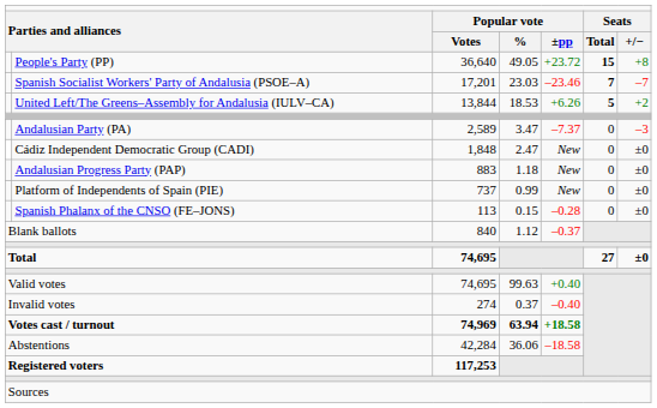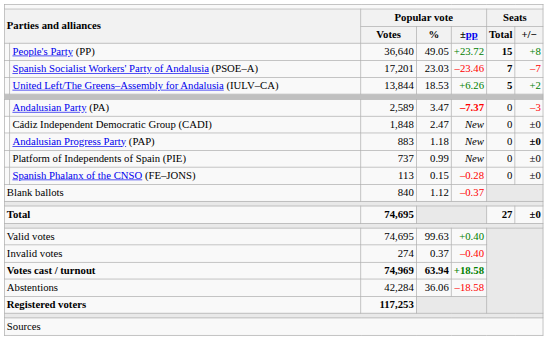 <table class="wikitable" style="text-align:right;">
 <tr>
 <td colspan="7"></td>
 </tr>
 <tr>
 <th style="text-align:left;" rowspan="2" colspan="2" width="525">Parties and alliances</th>
 <th colspan="3">Popular vote</th>
 <th colspan="2">Seats</th>
 </tr>
 <tr>
 <th width="75">Votes</th>
 <th width="45">%</th>
 <th width="45">±<a href='#'>pp</a></th>
 <th width="35">Total</th>
 <th width="35">+/−</th>
 </tr>
 <tr>
 <td width="1" style="color:inherit;background:"></td>
 <td align="left"><a href='#'>People's Party</a> (PP)</td>
 <td>36,640</td>
 <td>49.05</td>
 <td style="color:green;">+23.72</td>
 <td><strong>15</strong></td>
 <td style="color:green;">+8</td>
 </tr>
 <tr>
 <td style="color:inherit;background:"></td>
 <td align="left"><a href='#'>Spanish Socialist Workers' Party of Andalusia</a> (PSOE–A)</td>
 <td>17,201</td>
 <td>23.03</td>
 <td style="color:red;">–23.46</td>
 <td><strong>7</strong></td>
 <td style="color:red;">–7</td>
 </tr>
 <tr>
 <td style="color:inherit;background:"></td>
 <td align="left"><a href='#'>United Left/The Greens–Assembly for Andalusia</a> (IULV–CA)</td>
 <td>13,844</td>
 <td>18.53</td>
 <td style="color:green;">+6.26</td>
 <td><strong>5</strong></td>
 <td style="color:green;">+2</td>
 </tr>
 <tr>
 <td colspan="7" bgcolor="#C0C0C0"></td>
 </tr>
 <tr>
 <td style="color:inherit;background:"></td>
 <td align="left"><a href='#'>Andalusian Party</a> (PA)</td>
 <td>2,589</td>
 <td>3.47</td>
-<td style="color:red;">–7.37</td>
+<td style="color:red;"><strong>–7.37</strong></td>
 <td>0</td>
 <td style="color:red;">–3</td>
 </tr>
 <tr>
 <td bgcolor="white"></td>
 <td align="left">Cádiz Independent Democratic Group (CADI)</td>
 <td>1,848</td>
 <td>2.47</td>
 <td><em>New</em></td>
 <td>0</td>
 <td>±0</td>
 </tr>
 <tr>
 <td style="color:inherit;background:"></td>
 <td align="left"><a href='#'>Andalusian Progress Party</a> (PAP)</td>
 <td>883</td>
 <td>1.18</td>
 <td><em>New</em></td>
 <td>0</td>
-<td>±0</td>
+<td><strong>±0</strong></td>
 </tr>
 <tr>
 <td style="color:inherit;background:"></td>
 <td align="left">Platform of Independents of Spain (PIE)</td>
 <td>737</td>
 <td>0.99</td>
 <td><em>New</em></td>
 <td>0</td>
 <td>±0</td>
 </tr>
 <tr>
 <td style="color:inherit;background:"></td>
 <td align="left"><a href='#'>Spanish Phalanx of the CNSO</a> (FE–JONS)</td>
 <td>113</td>
 <td>0.15</td>
 <td style="color:red;">–0.28</td>
 <td>0</td>
 <td>±0</td>
 </tr>
 <tr>
 <td align="left" colspan="2">Blank ballots</td>
 <td>840</td>
 <td>1.12</td>
 <td style="color:red;">–0.37</td>
 <td bgcolor="#E9E9E9" colspan="2"></td>
 </tr>
 <tr>
 <td colspan="7" bgcolor="#E9E9E9"></td>
 </tr>
 <tr style="font-weight:bold;">
 <td align="left" colspan="2">Total</td>
 <td>74,695</td>
 <td bgcolor="#E9E9E9" colspan="2"></td>
 <td>27</td>
 <td>±0</td>
 </tr>
 <tr>
 <td colspan="7" bgcolor="#E9E9E9"></td>
 </tr>
 <tr>
 <td align="left" colspan="2">Valid votes</td>
 <td>74,695</td>
 <td>99.63</td>
 <td style="color:green;">+0.40</td>
 <td bgcolor="#E9E9E9" colspan="2" rowspan="5"></td>
 </tr>
 <tr>
 <td align="left" colspan="2">Invalid votes</td>
 <td>274</td>
 <td>0.37</td>
 <td style="color:red;">–0.40</td>
 </tr>
 <tr style="font-weight:bold;">
 <td align="left" colspan="2">Votes cast / turnout</td>
 <td>74,969</td>
 <td>63.94</td>
 <td style="color:green;">+18.58</td>
 </tr>
 <tr>
 <td align="left" colspan="2">Abstentions</td>
 <td>42,284</td>
 <td>36.06</td>
 <td style="color:red;">–18.58</td>
 </tr>
 <tr style="font-weight:bold;">
 <td align="left" colspan="2">Registered voters</td>
 <td>117,253</td>
 <td bgcolor="#E9E9E9" colspan="2"></td>
 </tr>
 <tr>
 <td colspan="7" bgcolor="#E9E9E9"></td>
 </tr>
 <tr>
 <td align="left" colspan="7">Sources</td>
 </tr>
 </table>
